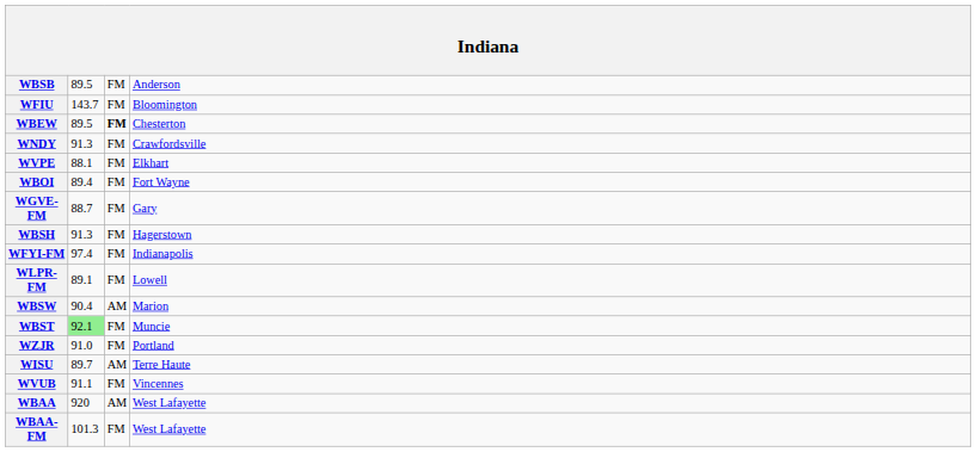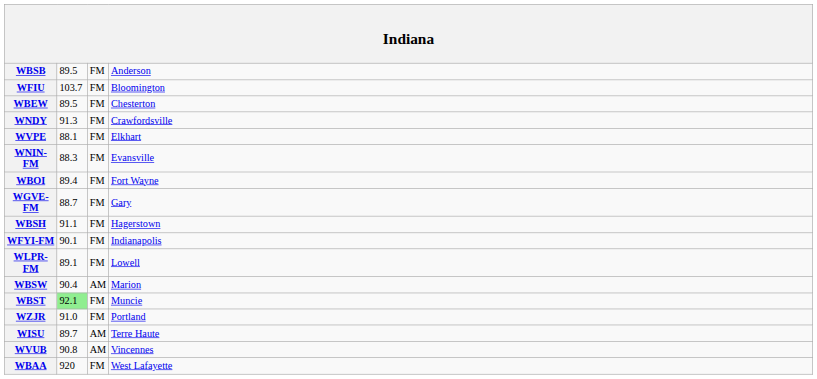 <table class="wikitable mw-collapsible" style="width:100%">
 <tr>
 <th scope="col" colspan="4"><br><h2>Indiana</h2></th>
 </tr>
 <tr>
 <th scope="row" style="width: 75px;"><a href='#'>WBSB</a></th>
 <td style="width: 40px;">89.5</td>
 <td style="width: 21px;">FM</td>
 <td><a href='#'>Anderson</a></td>
 </tr>
 <tr>
 <th scope="row"><a href='#'>WFIU</a></th>
-<td>143.7</td>
+<td>103.7</td>
 <td>FM</td>
 <td><a href='#'>Bloomington</a></td>
 </tr>
 <tr>
 <th scope="row"><a href='#'>WBEW</a></th>
 <td>89.5</td>
-<td><strong>FM</strong></td>
+<td>FM</td>
 <td><a href='#'>Chesterton</a></td>
 </tr>
 <tr>
 <th scope="row"><a href='#'>WNDY</a></th>
 <td>91.3</td>
 <td>FM</td>
 <td><a href='#'>Crawfordsville</a></td>
 </tr>
 <tr>
 <th scope="row"><a href='#'>WVPE</a></th>
 <td>88.1</td>
 <td>FM</td>
 <td><a href='#'>Elkhart</a></td>
 </tr>
 <tr>
+<th scope="row"><a href='#'>WNIN-FM</a></th>
+<td>88.3</td>
+<td>FM</td>
+<td><a href='#'>Evansville</a></td>
+</tr>
+<tr>
 <th scope="row"><a href='#'>WBOI</a></th>
 <td>89.4</td>
 <td>FM</td>
 <td><a href='#'>Fort Wayne</a></td>
 </tr>
 <tr>
 <th scope="row"><a href='#'>WGVE-FM</a></th>
 <td>88.7</td>
 <td>FM</td>
 <td><a href='#'>Gary</a></td>
 </tr>
 <tr>
 <th scope="row"><a href='#'>WBSH</a></th>
-<td>91.3</td>
+<td>91.1</td>
 <td>FM</td>
 <td><a href='#'>Hagerstown</a></td>
 </tr>
 <tr>
 <th scope="row"><a href='#'>WFYI-FM</a></th>
-<td>97.4</td>
+<td>90.1</td>
 <td>FM</td>
 <td><a href='#'>Indianapolis</a></td>
 </tr>
 <tr>
 <th scope="row"><a href='#'>WLPR-FM</a></th>
 <td>89.1</td>
 <td>FM</td>
 <td><a href='#'>Lowell</a></td>
 </tr>
 <tr>
 <th scope="row"><a href='#'>WBSW</a></th>
 <td>90.4</td>
 <td>AM</td>
 <td><a href='#'>Marion</a></td>
 </tr>
 <tr>
 <th scope="row"><a href='#'>WBST</a></th>
 <td style="background: lightgreen;">92.1</td>
 <td>FM</td>
 <td><a href='#'>Muncie</a></td>
 </tr>
 <tr>
 <th scope="row"><a href='#'>WZJR</a></th>
 <td>91.0</td>
 <td>FM</td>
 <td><a href='#'>Portland</a></td>
 </tr>
 <tr>
 <th scope="row"><a href='#'>WISU</a></th>
 <td>89.7</td>
 <td>AM</td>
 <td><a href='#'>Terre Haute</a></td>
 </tr>
 <tr>
 <th scope="row"><a href='#'>WVUB</a></th>
-<td>91.1</td>
-<td>FM</td>
+<td>90.8</td>
+<td>AM</td>
 <td><a href='#'>Vincennes</a></td>
 </tr>
 <tr>
 <th scope="row"><a href='#'>WBAA</a></th>
 <td>920</td>
-<td>AM</td>
-<td><a href='#'>West Lafayette</a></td>
-</tr>
-<tr>
-<th scope="row"><a href='#'>WBAA-FM</a></th>
-<td>101.3</td>
 <td>FM</td>
 <td><a href='#'>West Lafayette</a></td>
 </tr>
 </table>
